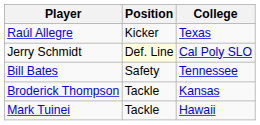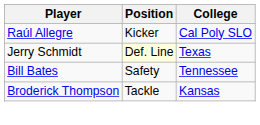 <table class="wikitable">
 <tr>
 <th>Player</th>
 <th>Position</th>
 <th>College</th>
 </tr>
 <tr>
 <td><a href='#'>Raúl Allegre</a></td>
 <td>Kicker</td>
-<td><a href='#'>Texas</a></td>
+<td><a href='#'>Cal Poly SLO</a></td>
 </tr>
 <tr>
 <td>Jerry Schmidt</td>
 <td style="background: lightyellow;">Def. Line</td>
-<td><a href='#'>Cal Poly SLO</a></td>
+<td><a href='#'>Texas</a></td>
 </tr>
 <tr style="background:#fc">
 <td><a href='#'>Bill Bates</a></td>
 <td>Safety</td>
 <td><a href='#'>Tennessee</a></td>
 </tr>
 <tr>
 <td><a href='#'>Broderick Thompson</a></td>
 <td>Tackle</td>
 <td><a href='#'>Kansas</a></td>
 </tr>
-<tr style="background:#fc">
-<td><a href='#'>Mark Tuinei</a></td>
-<td>Tackle</td>
-<td><a href='#'>Hawaii</a></td>
-</tr>
 </table>
